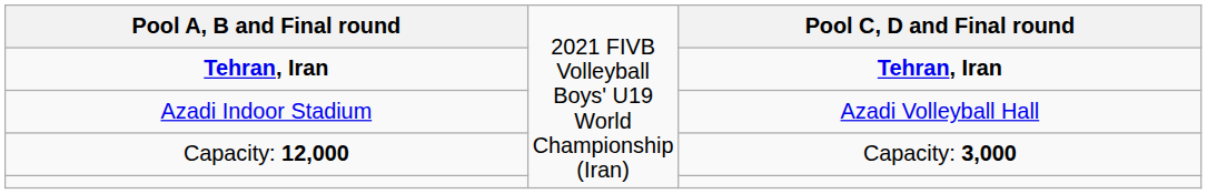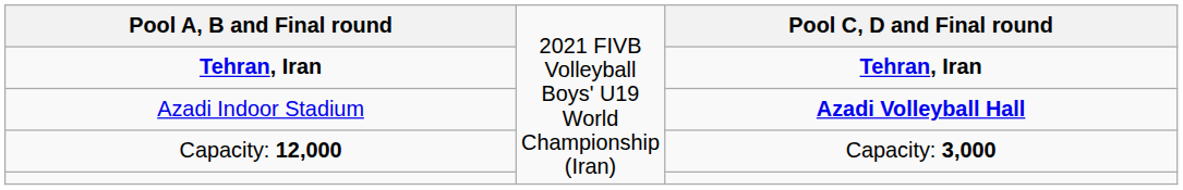 <table class="wikitable" style="text-align:center">
 <tr>
 <th width=50%>Pool A, B and Final round</th>
 <td rowspan="5"><br>2021 FIVB Volleyball Boys' U19 World Championship (Iran)</td>
 <th width=50%>Pool C, D and Final round</th>
 </tr>
 <tr>
 <td> <strong><a href='#'>Tehran</a>, Iran</strong></td>
 <td> <strong><a href='#'>Tehran</a>, Iran</strong></td>
 </tr>
 <tr>
 <td><a href='#'>Azadi Indoor Stadium</a></td>
-<td><a href='#'>Azadi Volleyball Hall</a></td>
+<td><strong><a href='#'>Azadi Volleyball Hall</a></strong></td>
 </tr>
 <tr>
 <td>Capacity: <strong>12,000</strong></td>
 <td>Capacity: <strong>3,000</strong></td>
 </tr>
 <tr>
 <td></td>
 <td></td>
 </tr>
 </table>
